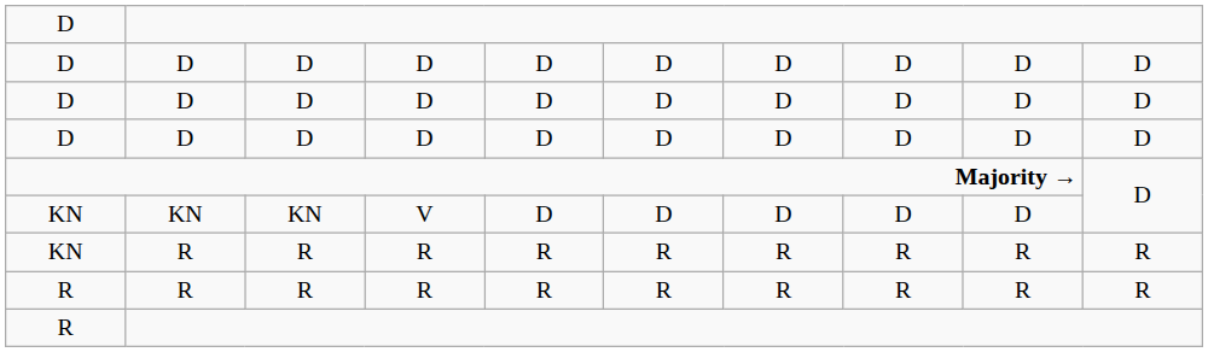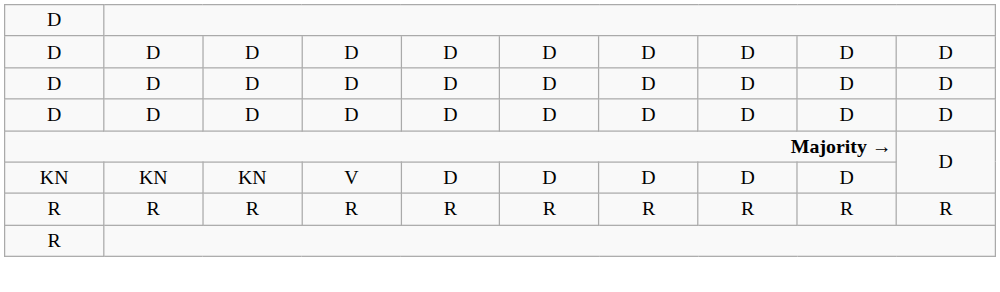 <table class="wikitable" style="text-align:center" width=800px>
 <tr>
 <td>D</td>
 <td colspan=9></td>
 </tr>
 <tr>
 <td width=50px >D</td>
 <td width=50px >D</td>
 <td width=50px >D</td>
 <td width=50px >D</td>
 <td width=50px >D</td>
 <td width=50px >D</td>
 <td width=50px >D</td>
 <td width=50px >D</td>
 <td width=50px >D</td>
 <td width=50px >D</td>
 </tr>
 <tr>
 <td>D</td>
 <td>D</td>
 <td>D</td>
 <td>D</td>
 <td>D</td>
 <td>D</td>
 <td>D</td>
 <td>D</td>
 <td>D</td>
 <td>D</td>
 </tr>
 <tr>
 <td>D</td>
 <td>D</td>
 <td>D</td>
 <td>D</td>
 <td>D</td>
 <td>D</td>
 <td>D</td>
 <td>D</td>
 <td>D</td>
 <td>D</td>
 </tr>
 <tr>
 <td colspan=9 align=right><strong>Majority →</strong></td>
 <td rowspan=2 >D</td>
 </tr>
 <tr>
 <td>KN</td>
 <td>KN<br></td>
 <td>KN<br></td>
 <td>V</td>
 <td>D<br></td>
 <td>D<br></td>
 <td>D<br></td>
 <td>D<br></td>
 <td>D<br></td>
 </tr>
 <tr>
-<td>KN</td>
-<td>R</td>
-<td>R</td>
-<td>R</td>
-<td>R</td>
-<td>R</td>
-<td>R</td>
-<td>R</td>
-<td>R</td>
-<td>R</td>
-</tr>
-<tr>
 <td>R<br></td>
 <td>R<br></td>
 <td>R</td>
 <td>R</td>
 <td>R</td>
 <td>R</td>
 <td>R</td>
 <td>R</td>
 <td>R</td>
 <td>R</td>
 </tr>
 <tr>
 <td>R<br></td>
 <td colspan=9></td>
 </tr>
 </table>
